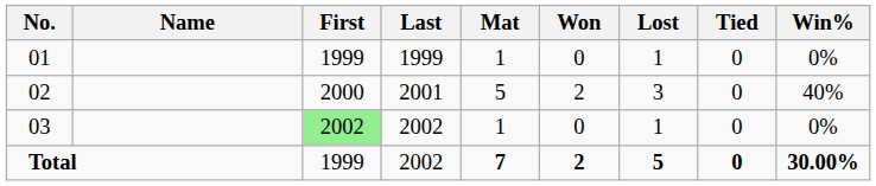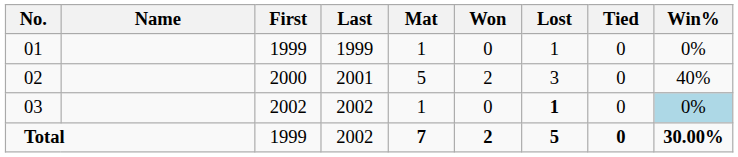 <table class="wikitable sortable" style="margin: 1em auto 1em auto">
 <tr>
 <th style="width:40px;">No.</th>
 <th style="width:160px;">Name</th>
 <th width="50">First</th>
 <th width="50">Last</th>
 <th width="50">Mat</th>
 <th width="50">Won</th>
 <th width="50">Lost</th>
 <th width="50">Tied</th>
 <th width="60">Win%</th>
 </tr>
 <tr align=center>
 <td><span>0</span>1</td>
 <td align=left></td>
 <td>1999</td>
 <td>1999</td>
 <td>1</td>
 <td>0</td>
 <td>1</td>
 <td>0</td>
 <td>0%</td>
 </tr>
 <tr align=center>
 <td><span>0</span>2</td>
 <td align=left></td>
 <td>2000</td>
 <td>2001</td>
 <td>5</td>
 <td>2</td>
 <td>3</td>
 <td>0</td>
 <td>40%</td>
 </tr>
 <tr align=center>
 <td><span>0</span>3</td>
 <td align=left></td>
-<td style="background: lightgreen;">2002</td>
+<td>2002</td>
 <td>2002</td>
 <td>1</td>
 <td>0</td>
-<td>1</td>
+<td><strong>1</strong></td>
 <td>0</td>
-<td>0%</td>
+<td style="background: lightblue;">0%</td>
 </tr>
 <tr class="sortbottom" style="text-align:center;">
 <td colspan="2" style="text-align:left;"><strong>   Total</strong></td>
 <td>1999</td>
 <td>2002</td>
 <td><strong>7</strong></td>
 <td><strong>2</strong></td>
 <td><strong>5</strong></td>
 <td><strong>0</strong></td>
 <td><strong>30.00%</strong></td>
 </tr>
 </table>
